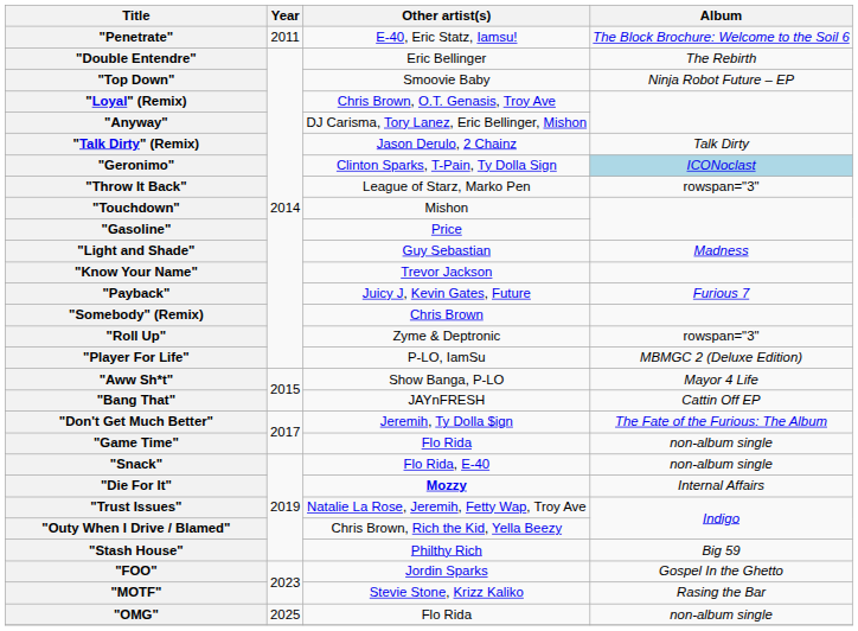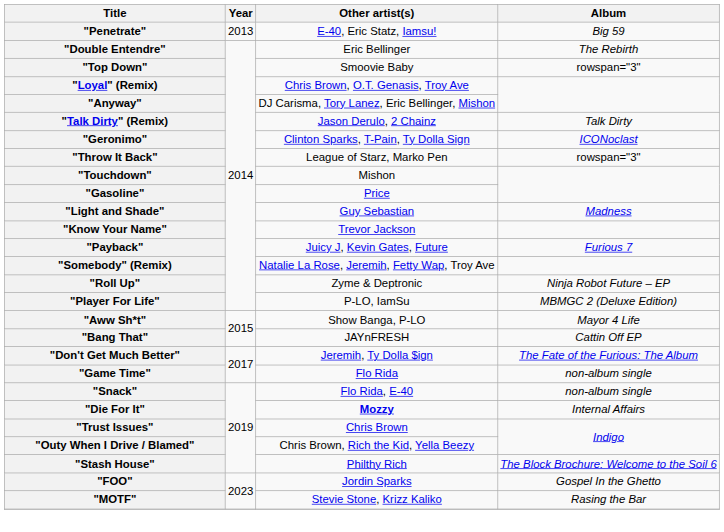 <table class="wikitable plainrowheaders" style="text-align:center;" border="1">
 <tr>
 <th scope="col" style="width:19em;">Title</th>
 <th scope="col">Year</th>
 <th scope="col">Other artist(s)</th>
 <th scope="col">Album</th>
 </tr>
 <tr>
 <th scope="row">"Penetrate"</th>
-<td>2011</td>
+<td>2013</td>
 <td><a href='#'>E-40</a>, Eric Statz, <a href='#'>Iamsu!</a></td>
-<td><em><a href='#'>The Block Brochure: Welcome to the Soil 6</a></em></td>
+<td><em>Big 59</em></td>
 </tr>
 <tr>
 <th scope="row">"Double Entendre"</th>
 <td rowspan="15">2014</td>
 <td>Eric Bellinger</td>
 <td><em>The Rebirth</em></td>
 </tr>
 <tr>
 <th scope="row">"Top Down"</th>
 <td>Smoovie Baby</td>
-<td><em>Ninja Robot Future – EP</em></td>
+<td>rowspan="3" </td>
 </tr>
 <tr>
 <th scope="row">"<a href='#'>Loyal</a>" (Remix)</th>
 <td><a href='#'>Chris Brown</a>, <a href='#'>O.T. Genasis</a>, <a href='#'>Troy Ave</a></td>
 </tr>
 <tr>
 <th scope="row">"Anyway"</th>
 <td>DJ Carisma, <a href='#'>Tory Lanez</a>, Eric Bellinger, <a href='#'>Mishon</a></td>
 </tr>
 <tr>
 <th scope="row">"<a href='#'>Talk Dirty</a>" (Remix)</th>
 <td><a href='#'>Jason Derulo</a>, <a href='#'>2 Chainz</a></td>
 <td><em>Talk Dirty</em></td>
 </tr>
 <tr>
 <th scope="row">"Geronimo"</th>
 <td><a href='#'>Clinton Sparks</a>, <a href='#'>T-Pain</a>, <a href='#'>Ty Dolla Sign</a></td>
-<td style="background: lightblue;"><em><a href='#'>ICONoclast</a></em></td>
+<td><em><a href='#'>ICONoclast</a></em></td>
 </tr>
 <tr>
 <th scope="row">"Throw It Back"</th>
 <td>League of Starz, Marko Pen</td>
 <td>rowspan="3" </td>
 </tr>
 <tr>
 <th scope="row">"Touchdown"</th>
 <td>Mishon</td>
 </tr>
 <tr>
 <th scope="row">"Gasoline"</th>
 <td><a href='#'>Price</a></td>
 </tr>
 <tr>
 <th scope="row">"Light and Shade"</th>
 <td><a href='#'>Guy Sebastian</a></td>
 <td><em><a href='#'>Madness</a></em></td>
 </tr>
 <tr>
 <th scope="row">"Know Your Name"</th>
 <td><a href='#'>Trevor Jackson</a></td>
 <td></td>
 </tr>
 <tr>
 <th scope="row">"Payback"</th>
 <td><a href='#'>Juicy J</a>, <a href='#'>Kevin Gates</a>, <a href='#'>Future</a></td>
 <td><em><a href='#'>Furious 7</a></em></td>
 </tr>
 <tr>
 <th scope="row">"Somebody" (Remix)</th>
-<td><a href='#'>Chris Brown</a></td>
+<td><a href='#'>Natalie La Rose</a>, <a href='#'>Jeremih</a>, <a href='#'>Fetty Wap</a>, Troy Ave</td>
 <td></td>
 </tr>
 <tr>
 <th scope="row">"Roll Up"</th>
 <td>Zyme & Deptronic</td>
-<td>rowspan="3" </td>
+<td><em>Ninja Robot Future – EP</em></td>
 </tr>
 <tr>
 <th scope="row">"Player For Life"</th>
 <td>P-LO, IamSu</td>
 <td><em>MBMGC 2 (Deluxe Edition)</em></td>
 </tr>
 <tr>
 <th scope="row">"Aww Sh*t"</th>
 <td rowspan="2">2015</td>
 <td>Show Banga, P-LO</td>
 <td><em>Mayor 4 Life</em></td>
 </tr>
 <tr>
 <th scope="row">"Bang That"</th>
 <td>JAYnFRESH</td>
 <td><em>Cattin Off EP</em></td>
 </tr>
 <tr>
 <th scope="row">"Don't Get Much Better"</th>
 <td rowspan="2">2017</td>
 <td><a href='#'>Jeremih</a>, <a href='#'>Ty Dolla $ign</a></td>
 <td><em><a href='#'>The Fate of the Furious: The Album</a></em></td>
 </tr>
 <tr>
 <th scope="row">"Game Time"</th>
 <td><a href='#'>Flo Rida</a></td>
 <td><em>non-album single</em></td>
 </tr>
 <tr>
 <th scope="row">"Snack"</th>
 <td rowspan="5">2019</td>
 <td><a href='#'>Flo Rida</a>, <a href='#'>E-40</a></td>
 <td><em>non-album single</em></td>
 </tr>
 <tr>
 <th scope="row">"Die For It"</th>
 <td><strong><a href='#'>Mozzy</a></strong></td>
 <td><em>Internal Affairs</em></td>
 </tr>
 <tr>
 <th scope="row">"Trust Issues"</th>
-<td><a href='#'>Natalie La Rose</a>, <a href='#'>Jeremih</a>, <a href='#'>Fetty Wap</a>, Troy Ave</td>
+<td><a href='#'>Chris Brown</a></td>
 <td rowspan="2'"><em><a href='#'>Indigo</a></em></td>
 </tr>
 <tr>
 <th scope="row">"Outy When I Drive / Blamed"</th>
 <td>Chris Brown, <a href='#'>Rich the Kid</a>, <a href='#'>Yella Beezy</a></td>
 </tr>
 <tr>
 <th scope="row">"Stash House"</th>
 <td><a href='#'>Philthy Rich</a></td>
-<td><em>Big 59</em></td>
+<td><em><a href='#'>The Block Brochure: Welcome to the Soil 6</a></em></td>
 </tr>
 <tr>
 <th scope="row">"FOO"</th>
 <td rowspan="2">2023</td>
 <td><a href='#'>Jordin Sparks</a></td>
 <td><em>Gospel In the Ghetto</em></td>
 </tr>
 <tr>
 <th scope="row">"MOTF"</th>
 <td><a href='#'>Stevie Stone</a>, <a href='#'>Krizz Kaliko</a></td>
 <td><em>Rasing the Bar</em></td>
 </tr>
 <tr>
-<th scope="row">"OMG"</th>
-<td>2025</td>
-<td>Flo Rida</td>
-<td><em>non-album single</em></td>
-</tr>
-<tr>
 </tr>
 </table>
